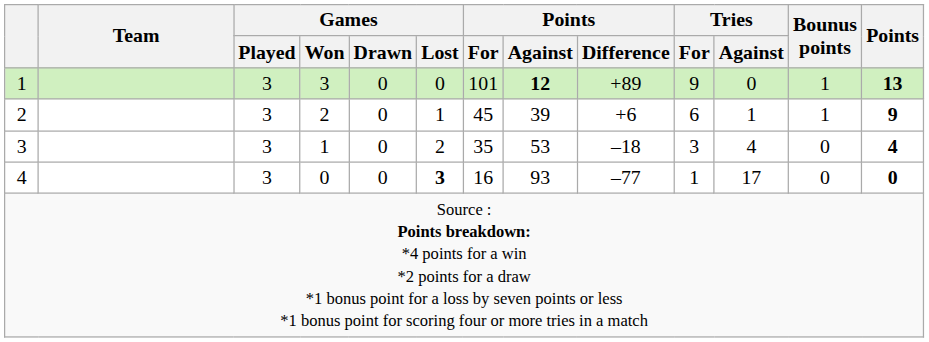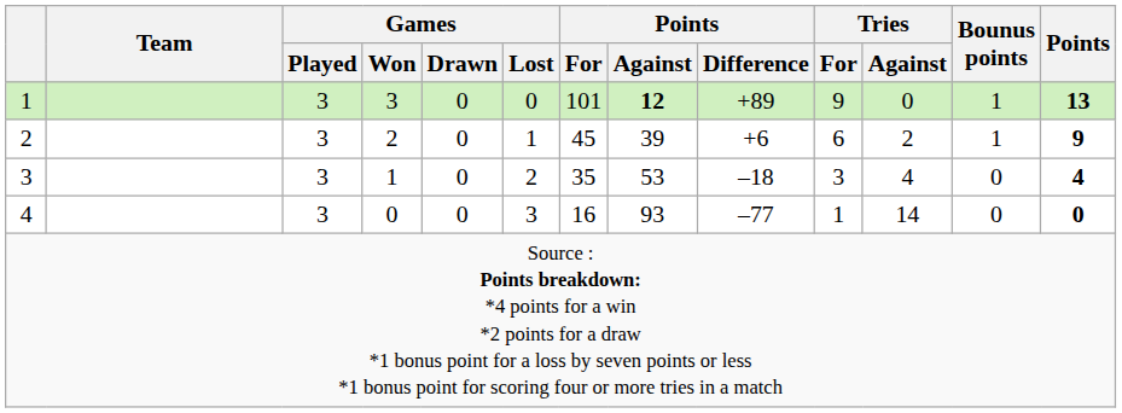 <table class="wikitable" style="text-align: center;">
 <tr>
 <th rowspan="2" bgcolor="#efefef" width="20"></th>
 <th rowspan="2" bgcolor="#efefef" width="150">Team</th>
 <th colspan="4" bgcolor="#efefef" width="100">Games</th>
 <th colspan="3" bgcolor="#efefef" width="60">Points</th>
 <th colspan="2" bgcolor="#efefef" width="40">Tries</th>
 <th rowspan="2" bgcolor="#efefef" width="40">Bounus points</th>
 <th rowspan="2" bgcolor="#efefef" width="20">Points</th>
 </tr>
 <tr>
 <th bgcolor="#efefef" width="20">Played</th>
 <th bgcolor="#efefef" width="20">Won</th>
 <th bgcolor="#efefef" width="20">Drawn</th>
 <th bgcolor="#efefef" width="20">Lost</th>
 <th bgcolor="#efefef" width="20">For</th>
 <th bgcolor="#efefef" width="20">Against</th>
 <th bgcolor="#efefef" width="20">Difference</th>
 <th bgcolor="#efefef" width="20">For</th>
 <th bgcolor="#efefef" width="20">Against<br></th>
 </tr>
 <tr style="background:#D0F0C0; text-align:center;">
 <td>1</td>
 <td align=left></td>
 <td>3</td>
 <td>3</td>
 <td>0</td>
 <td>0</td>
 <td>101</td>
 <td><strong>12</strong></td>
 <td>+89</td>
 <td>9</td>
 <td>0</td>
 <td>1</td>
 <td><strong>13</strong></td>
 </tr>
 <tr style="background:#fff; text-align:center;">
 <td>2</td>
 <td align=left></td>
 <td>3</td>
 <td>2</td>
 <td>0</td>
 <td>1</td>
 <td>45</td>
 <td>39</td>
 <td>+6</td>
 <td>6</td>
-<td>1</td>
+<td>2</td>
 <td>1</td>
 <td><strong>9</strong></td>
 </tr>
 <tr style="background:#fff; text-align:center;">
 <td>3</td>
 <td align=left></td>
 <td>3</td>
 <td>1</td>
 <td>0</td>
 <td>2</td>
 <td>35</td>
 <td>53</td>
 <td>–18</td>
 <td>3</td>
 <td>4</td>
 <td>0</td>
 <td><strong>4</strong></td>
 </tr>
 <tr style="background:#fff; text-align:center;">
 <td>4</td>
 <td align=left></td>
 <td>3</td>
 <td>0</td>
 <td>0</td>
-<td><strong>3</strong></td>
+<td>3</td>
 <td>16</td>
 <td>93</td>
 <td>–77</td>
 <td>1</td>
-<td>17</td>
+<td>14</td>
 <td>0</td>
 <td><strong>0</strong></td>
 </tr>
 <tr |align=left|>
 <td colspan="14" style="border:0;"><small>Source :  <br><strong>Points breakdown:</strong><br>*4 points for a win<br>*2 points for a draw<br>*1 bonus point for a loss by seven points or less<br>*1 bonus point for scoring four or more tries in a match</small></td>
 </tr>
 </table>
